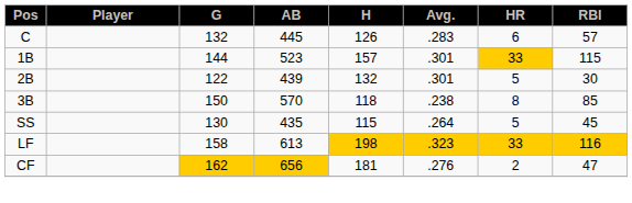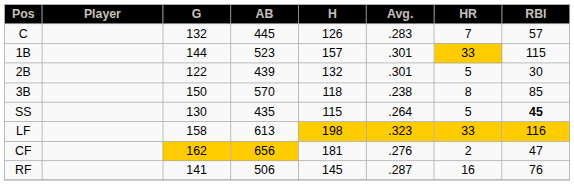 <table class="wikitable sortable">
 <tr>
 <th style=" background:#000000; color:#C9C0BB;" width="5%">Pos</th>
 <th style=" background:#000000; color:#C9C0BB;" width="16%">Player</th>
 <th style=" background:#000000; color:#C9C0BB;" width="9%">G</th>
 <th style=" background:#000000; color:#C9C0BB;" width="9%">AB</th>
 <th style=" background:#000000; color:#C9C0BB;" width="9%">H</th>
 <th style=" background:#000000; color:#C9C0BB;" width="9%">Avg.</th>
 <th style=" background:#000000; color:#C9C0BB;" width="9%">HR</th>
 <th style=" background:#000000; color:#C9C0BB;" width="9%">RBI</th>
 </tr>
 <tr align="center">
 <td>C</td>
 <td></td>
 <td>132</td>
 <td>445</td>
 <td>126</td>
 <td>.283</td>
-<td>6</td>
+<td>7</td>
 <td>57</td>
 </tr>
 <tr align="center">
 <td>1B</td>
 <td></td>
 <td>144</td>
 <td>523</td>
 <td>157</td>
 <td>.301</td>
 <td bgcolor="FFCC00">33</td>
 <td>115</td>
 </tr>
 <tr align="center">
 <td>2B</td>
 <td></td>
 <td>122</td>
 <td>439</td>
 <td>132</td>
 <td>.301</td>
 <td>5</td>
 <td>30</td>
 </tr>
 <tr align="center">
 <td>3B</td>
 <td></td>
 <td>150</td>
 <td>570</td>
 <td>118</td>
 <td>.238</td>
 <td>8</td>
 <td>85</td>
 </tr>
 <tr align="center">
 <td>SS</td>
 <td></td>
 <td>130</td>
 <td>435</td>
 <td>115</td>
 <td>.264</td>
 <td>5</td>
-<td>45</td>
+<td><strong>45</strong></td>
 </tr>
 <tr align="center">
 <td>LF</td>
 <td></td>
 <td>158</td>
 <td>613</td>
 <td bgcolor="FFCC00">198</td>
 <td bgcolor="FFCC00">.323</td>
 <td bgcolor="FFCC00">33</td>
 <td bgcolor="FFCC00">116</td>
 </tr>
 <tr align="center">
 <td>CF</td>
 <td></td>
 <td bgcolor=#FFCC00>162</td>
 <td bgcolor=#FFCC00>656</td>
 <td>181</td>
 <td>.276</td>
 <td>2</td>
 <td>47</td>
 </tr>
 <tr align="center">
+<td>RF</td>
+<td></td>
+<td>141</td>
+<td>506</td>
+<td>145</td>
+<td>.287</td>
+<td>16</td>
+<td>76</td>
+</tr>
+<tr align="center">
 </tr>
 </table>
